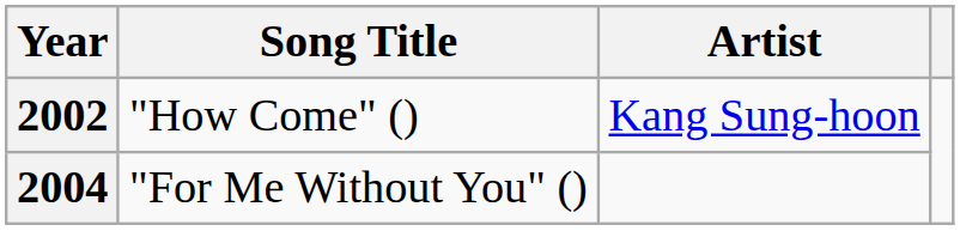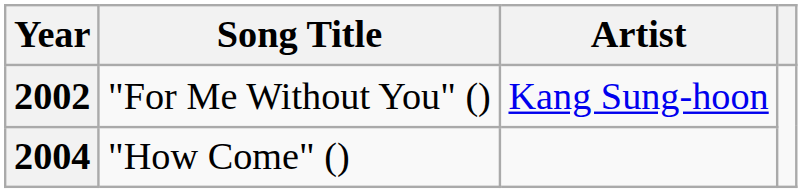 <table class="wikitable sortable plainrowheaders">
 <tr>
 <th scope="col">Year</th>
 <th scope="col">Song Title</th>
 <th scope="col">Artist</th>
 <th scope="col" class="unsortable"></th>
 </tr>
 <tr>
 <th scope="row">2002</th>
-<td>"How Come" ()</td>
+<td>"For Me Without You" ()</td>
 <td><a href='#'>Kang Sung-hoon</a></td>
 <td rowspan="2"></td>
 </tr>
 <tr>
 <th scope="row">2004</th>
-<td>"For Me Without You" ()</td>
+<td>"How Come" ()</td>
 <td></td>
 </tr>
 </table>
